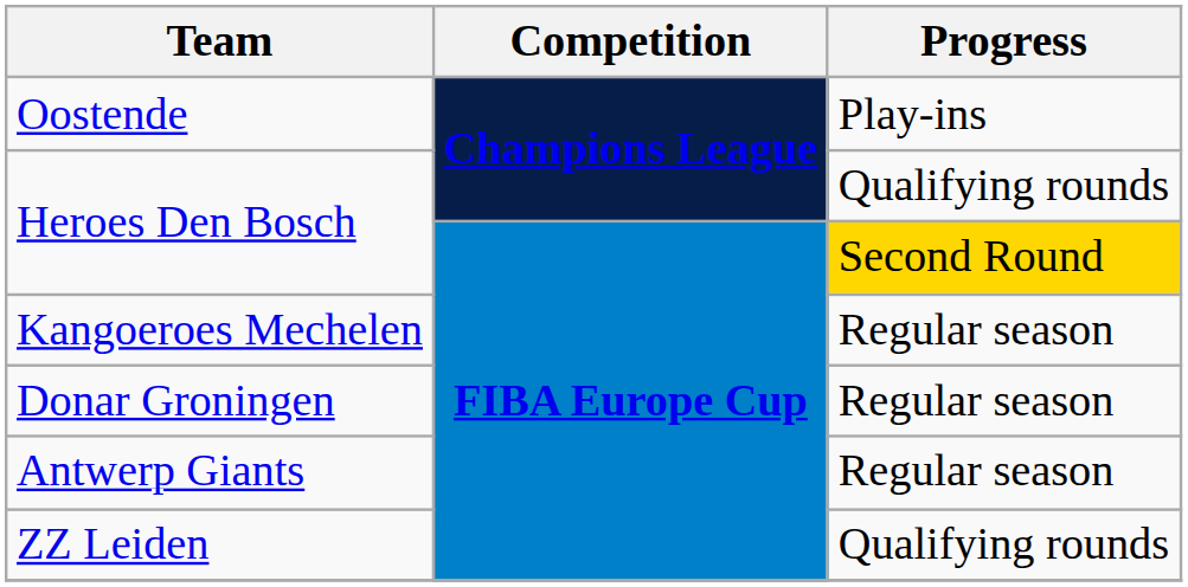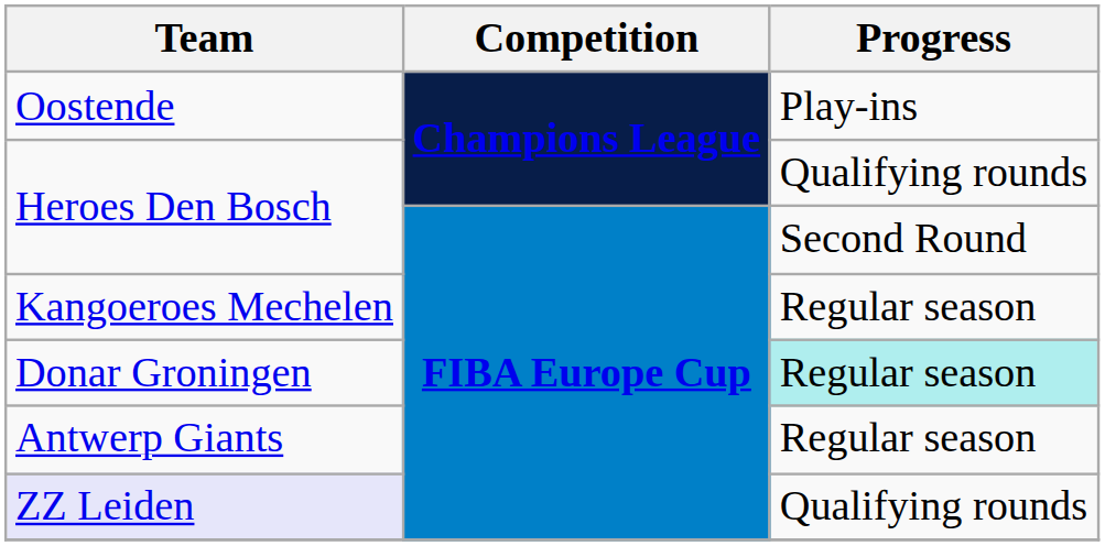 <table class="wikitable sortable">
 <tr>
 <th>Team</th>
 <th>Competition</th>
 <th>Progress</th>
 </tr>
 <tr>
 <td><a href='#'>Oostende</a></td>
 <td rowspan="2" style="background-color:#071D49;color:#D0D3D4;text-align:center"><strong><a href='#'><span>Champions League</span></a></strong></td>
 <td>Play-ins</td>
 </tr>
 <tr>
 <td rowspan=2><a href='#'>Heroes Den Bosch</a></td>
 <td>Qualifying rounds</td>
 </tr>
 <tr>
 <td rowspan="5" style="background-color:#0080C8;color:white;text-align:center"><strong><a href='#'><span>FIBA Europe Cup</span></a></strong></td>
-<td style="background: gold;">Second Round</td>
+<td>Second Round</td>
 </tr>
 <tr>
 <td><a href='#'>Kangoeroes Mechelen</a></td>
 <td>Regular season</td>
 </tr>
 <tr>
 <td><a href='#'>Donar Groningen</a></td>
-<td>Regular season</td>
+<td style="background: paleturquoise;">Regular season</td>
 </tr>
 <tr>
 <td><a href='#'>Antwerp Giants</a></td>
 <td>Regular season</td>
 </tr>
 <tr>
-<td><a href='#'>ZZ Leiden</a></td>
+<td style="background: lavender;"><a href='#'>ZZ Leiden</a></td>
 <td>Qualifying rounds</td>
 </tr>
 <tr>
 </tr>
 </table>
